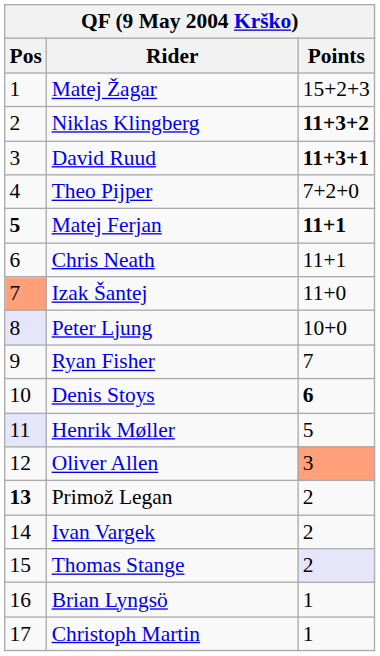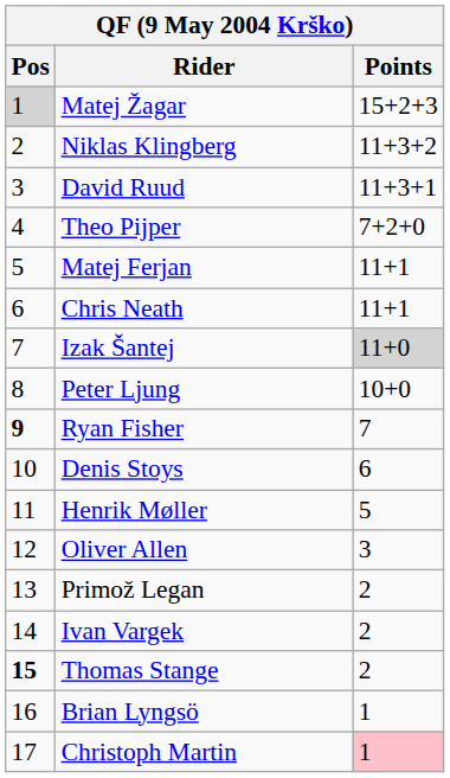 <table class="wikitable">
 <tr>
 <th colspan="6">QF (9 May 2004  <a href='#'>Krško</a>)</th>
 </tr>
 <tr>
 <th width=20>Pos</th>
 <th width=180>Rider</th>
 <th width=40>Points</th>
 </tr>
 <tr>
-<td>1</td>
+<td style="background: lightgrey;">1</td>
 <td style="text-align:left;"> <a href='#'>Matej Žagar</a></td>
 <td>15+2+3</td>
 </tr>
 <tr>
 <td>2</td>
 <td style="text-align:left;"> <a href='#'>Niklas Klingberg</a></td>
-<td><strong>11+3+2</strong></td>
+<td>11+3+2</td>
 </tr>
 <tr>
 <td>3</td>
 <td style="text-align:left;"> <a href='#'>David Ruud</a></td>
-<td><strong>11+3+1</strong></td>
+<td>11+3+1</td>
 </tr>
 <tr>
 <td>4</td>
 <td style="text-align:left;"> <a href='#'>Theo Pijper</a></td>
 <td>7+2+0</td>
 </tr>
 <tr>
-<td><strong>5</strong></td>
+<td>5</td>
 <td style="text-align:left;"> <a href='#'>Matej Ferjan</a></td>
-<td><strong>11+1</strong></td>
+<td>11+1</td>
 </tr>
 <tr>
 <td>6</td>
 <td style="text-align:left;"> <a href='#'>Chris Neath</a></td>
 <td>11+1</td>
 </tr>
 <tr>
-<td style="background: lightsalmon;">7</td>
+<td>7</td>
 <td style="text-align:left;"> <a href='#'>Izak Šantej</a></td>
-<td>11+0</td>
+<td style="background: lightgrey;">11+0</td>
 </tr>
 <tr>
-<td style="background: lavender;">8</td>
+<td>8</td>
 <td style="text-align:left;"> <a href='#'>Peter Ljung</a></td>
 <td>10+0</td>
 </tr>
 <tr>
-<td>9</td>
+<td><strong>9</strong></td>
 <td style="text-align:left;"> <a href='#'>Ryan Fisher</a></td>
 <td>7</td>
 </tr>
 <tr>
 <td>10</td>
 <td style="text-align:left;"> <a href='#'>Denis Stoys</a></td>
-<td><strong>6</strong></td>
+<td>6</td>
 </tr>
 <tr>
-<td style="background: lavender;">11</td>
+<td>11</td>
 <td style="text-align:left;"> <a href='#'>Henrik Møller</a></td>
 <td>5</td>
 </tr>
 <tr>
 <td>12</td>
 <td style="text-align:left;"> <a href='#'>Oliver Allen</a></td>
-<td style="background: lightsalmon;">3</td>
+<td>3</td>
 </tr>
 <tr>
-<td><strong>13</strong></td>
+<td>13</td>
 <td style="text-align:left;"> Primož Legan</td>
 <td>2</td>
 </tr>
 <tr>
 <td>14</td>
 <td style="text-align:left;"> <a href='#'>Ivan Vargek</a></td>
 <td>2</td>
 </tr>
 <tr>
-<td>15</td>
+<td><strong>15</strong></td>
 <td style="text-align:left;"> <a href='#'>Thomas Stange</a></td>
-<td style="background: lavender;">2</td>
+<td>2</td>
 </tr>
 <tr>
 <td>16</td>
 <td style="text-align:left;"> <a href='#'>Brian Lyngsö</a></td>
 <td>1</td>
 </tr>
 <tr>
 <td>17</td>
 <td style="text-align:left;"> <a href='#'>Christoph Martin</a></td>
-<td>1</td>
+<td style="background: pink;">1</td>
 </tr>
 </table>
